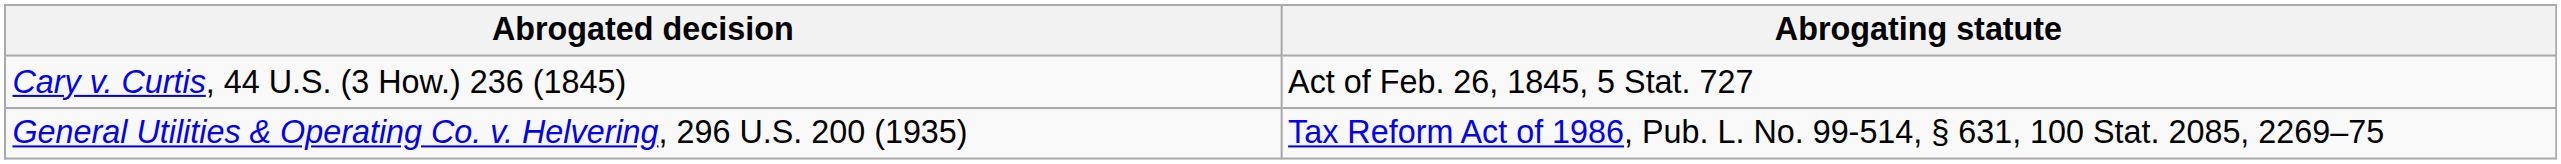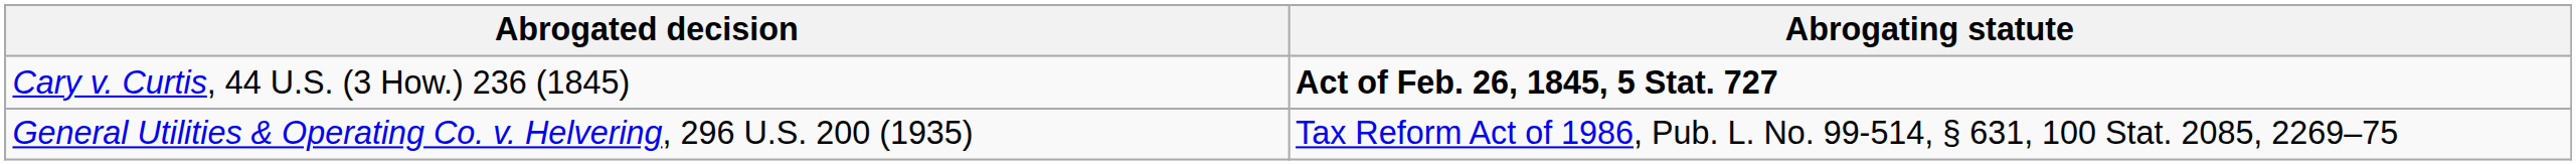 <table class="wikitable" style="width:100%; margin:auto;">
 <tr>
 <th style="width:50%;">Abrogated decision</th>
 <th style="width:50%;">Abrogating statute</th>
 </tr>
 <tr>
 <td><em><a href='#'>Cary v. Curtis</a></em>, 44 U.S. (3 How.) 236 (1845)</td>
-<td>Act of Feb. 26, 1845, 5 Stat. 727</td>
+<td><strong>Act of Feb. 26, 1845, 5 Stat. 727</strong></td>
 </tr>
 <tr>
 <td><em><a href='#'>General Utilities & Operating Co. v. Helvering</a></em>, 296 U.S. 200 (1935)</td>
 <td><a href='#'>Tax Reform Act of 1986</a>, Pub. L. No. 99-514, § 631, 100 Stat. 2085, 2269–75</td>
 </tr>
 </table>
